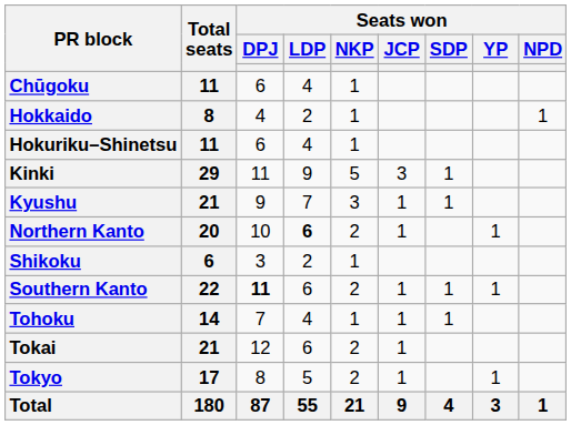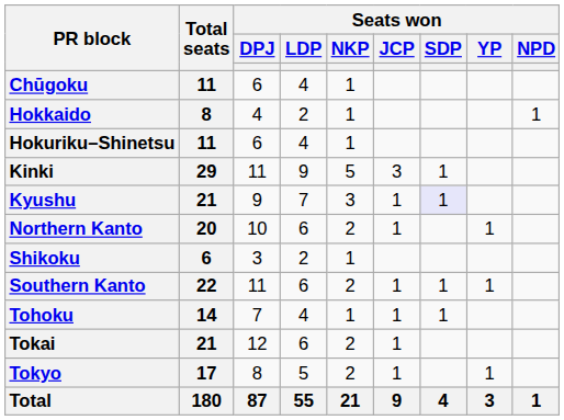 <table class="wikitable" style="text-align:center; font-size: 0.9em;">
 <tr>
 <th rowspan="3">PR block</th>
 <th rowspan="3">Total<br>seats</th>
 <th colspan="7">Seats won</th>
 </tr>
 <tr>
 <th class="unsortable" style="width:30px;"><a href='#'>DPJ</a></th>
 <th class="unsortable" style="width:30px;"><a href='#'>LDP</a></th>
 <th class="unsortable" style="width:30px;"><a href='#'>NKP</a></th>
 <th class="unsortable" style="width:30px;"><a href='#'>JCP</a></th>
 <th class="unsortable" style="width:30px;"><a href='#'>SDP</a></th>
 <th class="unsortable" style="width:30px;"><a href='#'>YP</a></th>
 <th class="unsortable" style="width:30px;"><a href='#'>NPD</a></th>
 </tr>
 <tr>
 <th style="background:"></th>
 <th style="background:"></th>
 <th style="background:"></th>
 <th style="background:"></th>
 <th style="background:"></th>
 <th style="background:"></th>
 <th style="background:"></th>
 </tr>
 <tr>
 <th style="text-align: left;"><a href='#'>Chūgoku</a></th>
 <th>11</th>
 <td>6</td>
 <td>4</td>
 <td>1</td>
 <td></td>
 <td></td>
 <td></td>
 <td></td>
 </tr>
 <tr>
 <th style="text-align: left;"><a href='#'>Hokkaido</a></th>
 <th>8</th>
 <td>4</td>
 <td>2</td>
 <td>1</td>
 <td></td>
 <td></td>
 <td></td>
 <td>1</td>
 </tr>
 <tr>
 <th style="text-align: left;">Hokuriku–Shinetsu</th>
 <th>11</th>
 <td>6</td>
 <td>4</td>
 <td>1</td>
 <td></td>
 <td></td>
 <td></td>
 <td></td>
 </tr>
 <tr>
 <th style="text-align: left;">Kinki</th>
 <th>29</th>
 <td>11</td>
 <td>9</td>
 <td>5</td>
 <td>3</td>
 <td>1</td>
 <td></td>
 <td></td>
 </tr>
 <tr>
 <th style="text-align: left;"><a href='#'>Kyushu</a></th>
 <th>21</th>
 <td>9</td>
 <td>7</td>
 <td>3</td>
 <td>1</td>
-<td>1</td>
+<td style="background: lavender;">1</td>
 <td></td>
 <td></td>
 </tr>
 <tr>
 <th style="text-align: left;"><a href='#'>Northern Kanto</a></th>
 <th>20</th>
 <td>10</td>
-<td><strong>6</strong></td>
+<td>6</td>
 <td>2</td>
 <td>1</td>
 <td></td>
 <td>1</td>
 <td></td>
 </tr>
 <tr>
 <th style="text-align: left;"><a href='#'>Shikoku</a></th>
 <th>6</th>
 <td>3</td>
 <td>2</td>
 <td>1</td>
 <td></td>
 <td></td>
 <td></td>
 <td></td>
 </tr>
 <tr>
 <th style="text-align: left;"><a href='#'>Southern Kanto</a></th>
 <th>22</th>
-<td><strong>11</strong></td>
+<td>11</td>
 <td>6</td>
 <td>2</td>
 <td>1</td>
 <td>1</td>
 <td>1</td>
 <td></td>
 </tr>
 <tr>
 <th style="text-align: left;"><a href='#'>Tohoku</a></th>
 <th>14</th>
 <td>7</td>
 <td>4</td>
 <td>1</td>
 <td>1</td>
 <td>1</td>
 <td></td>
 <td></td>
 </tr>
 <tr>
 <th style="text-align: left;">Tokai</th>
 <th>21</th>
 <td>12</td>
 <td>6</td>
 <td>2</td>
 <td>1</td>
 <td></td>
 <td></td>
 <td></td>
 </tr>
 <tr>
 <th style="text-align: left;"><a href='#'>Tokyo</a></th>
 <th>17</th>
 <td>8</td>
 <td>5</td>
 <td>2</td>
 <td>1</td>
 <td></td>
 <td>1</td>
 <td></td>
 </tr>
 <tr class="sortbottom">
 <th style="text-align: left;">Total</th>
 <th>180</th>
 <th>87</th>
 <th>55</th>
 <th>21</th>
 <th>9</th>
 <th>4</th>
 <th>3</th>
 <th>1</th>
 </tr>
 </table>
